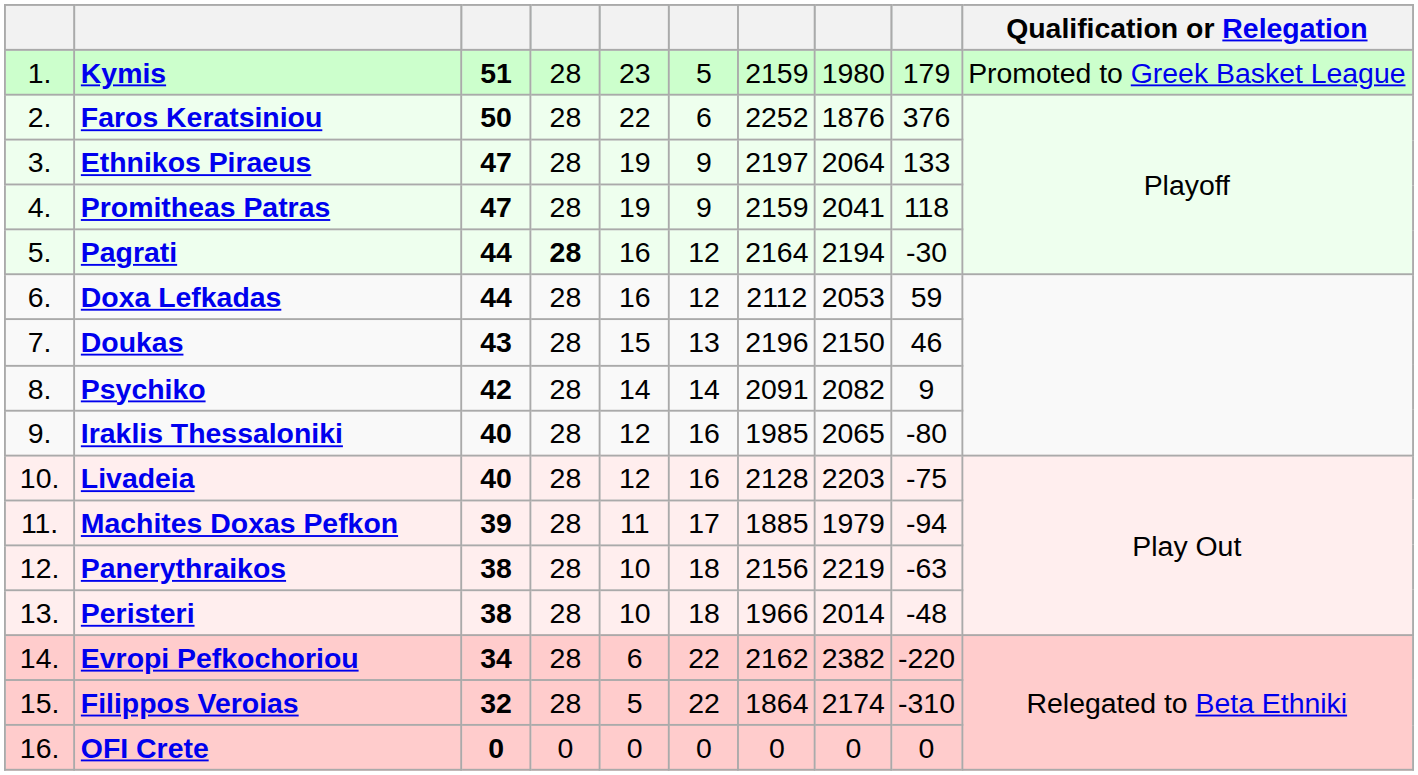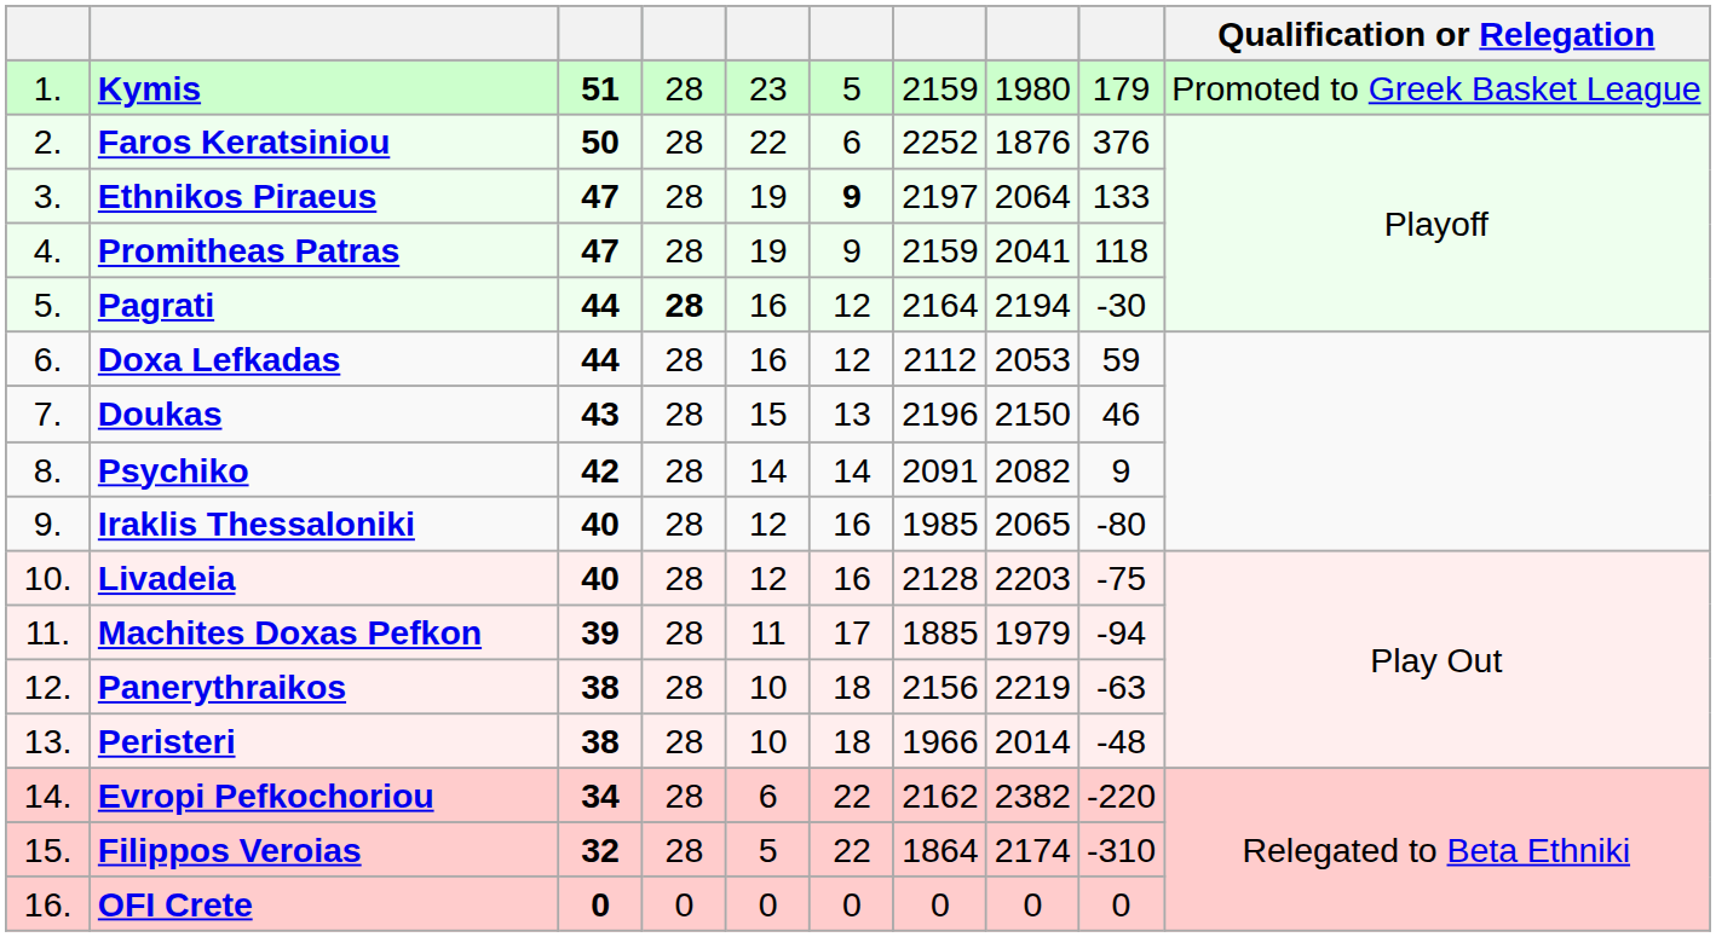 <table class="wikitable" style="text-align: center; font-size:95%">
 <tr bgcolor=2f4f4f>
 <th width=30></th>
 <th width=200></th>
 <th width=30></th>
 <th width=30></th>
 <th width=30></th>
 <th width=30></th>
 <th width=30></th>
 <th width=30></th>
 <th width=30></th>
 <th>Qualification or <a href='#'>Relegation</a></th>
 </tr>
 <tr style="background:#cfc;">
 <td>1.</td>
 <td align="left"><strong><a href='#'>Kymis</a></strong></td>
 <td><strong>51</strong></td>
 <td>28</td>
 <td>23</td>
 <td>5</td>
 <td>2159</td>
 <td>1980</td>
 <td>179</td>
 <td>Promoted to <a href='#'>Greek Basket League</a></td>
 </tr>
 <tr style="background: #eeFFee;">
 <td>2.</td>
 <td align="left"><strong><a href='#'>Faros Keratsiniou</a></strong></td>
 <td><strong>50</strong></td>
 <td>28</td>
 <td>22</td>
 <td>6</td>
 <td>2252</td>
 <td>1876</td>
 <td>376</td>
 <td rowspan="4">Playoff</td>
 </tr>
 <tr style="background: #eeFFee;">
 <td>3.</td>
 <td align="left"><strong><a href='#'>Ethnikos Piraeus</a></strong></td>
 <td><strong>47</strong></td>
 <td>28</td>
 <td>19</td>
-<td>9</td>
+<td><strong>9</strong></td>
 <td>2197</td>
 <td>2064</td>
 <td>133</td>
 </tr>
 <tr style="background: #eeFFee;">
 <td>4.</td>
 <td align="left"><strong><a href='#'>Promitheas Patras</a></strong></td>
 <td><strong>47</strong></td>
 <td>28</td>
 <td>19</td>
 <td>9</td>
 <td>2159</td>
 <td>2041</td>
 <td>118</td>
 </tr>
 <tr style="background: #eeFFee;">
 <td>5.</td>
 <td align="left"><strong> <a href='#'>Pagrati</a></strong></td>
 <td><strong>44</strong></td>
 <td><strong>28</strong></td>
 <td>16</td>
 <td>12</td>
 <td>2164</td>
 <td>2194</td>
 <td>-30</td>
 </tr>
 <tr>
 <td>6.</td>
 <td align="left"><strong><a href='#'>Doxa Lefkadas</a></strong></td>
 <td><strong>44</strong></td>
 <td>28</td>
 <td>16</td>
 <td>12</td>
 <td>2112</td>
 <td>2053</td>
 <td>59</td>
 <td rowspan="4"></td>
 </tr>
 <tr>
 <td>7.</td>
 <td align="left"><strong><a href='#'>Doukas</a></strong></td>
 <td><strong>43</strong></td>
 <td>28</td>
 <td>15</td>
 <td>13</td>
 <td>2196</td>
 <td>2150</td>
 <td>46</td>
 </tr>
 <tr>
 <td>8.</td>
 <td align="left"><strong><a href='#'>Psychiko</a></strong></td>
 <td><strong>42</strong></td>
 <td>28</td>
 <td>14</td>
 <td>14</td>
 <td>2091</td>
 <td>2082</td>
 <td>9</td>
 </tr>
 <tr>
 <td>9.</td>
 <td align="left"><strong><a href='#'>Iraklis Thessaloniki</a></strong></td>
 <td><strong>40</strong></td>
 <td>28</td>
 <td>12</td>
 <td>16</td>
 <td>1985</td>
 <td>2065</td>
 <td>-80</td>
 </tr>
 <tr style="background:#fee;">
 <td>10.</td>
 <td align="left"><strong><a href='#'>Livadeia</a></strong></td>
 <td><strong>40</strong></td>
 <td>28</td>
 <td>12</td>
 <td>16</td>
 <td>2128</td>
 <td>2203</td>
 <td>-75</td>
 <td rowspan="4">Play Out</td>
 </tr>
 <tr style="background:#fee;">
 <td>11.</td>
 <td align="left"><strong><a href='#'>Machites Doxas Pefkon</a></strong></td>
 <td><strong>39</strong></td>
 <td>28</td>
 <td>11</td>
 <td>17</td>
 <td>1885</td>
 <td>1979</td>
 <td>-94</td>
 </tr>
 <tr style="background:#fee;">
 <td>12.</td>
 <td align="left"><strong><a href='#'>Panerythraikos</a></strong></td>
 <td><strong>38</strong></td>
 <td>28</td>
 <td>10</td>
 <td>18</td>
 <td>2156</td>
 <td>2219</td>
 <td>-63</td>
 </tr>
 <tr style="background:#fee;">
 <td>13.</td>
 <td align="left"><strong><a href='#'>Peristeri</a></strong></td>
 <td><strong>38</strong></td>
 <td>28</td>
 <td>10</td>
 <td>18</td>
 <td>1966</td>
 <td>2014</td>
 <td>-48</td>
 </tr>
 <tr style="background:#fcc;">
 <td>14.</td>
 <td align="left"><strong><a href='#'>Evropi Pefkochoriou</a></strong></td>
 <td><strong>34</strong></td>
 <td>28</td>
 <td>6</td>
 <td>22</td>
 <td>2162</td>
 <td>2382</td>
 <td>-220</td>
 <td rowspan="3">Relegated to <a href='#'>Beta Ethniki</a></td>
 </tr>
 <tr style="background:#fcc;">
 <td>15.</td>
 <td align="left"><strong><a href='#'>Filippos Veroias</a></strong></td>
 <td><strong>32</strong></td>
 <td>28</td>
 <td>5</td>
 <td>22</td>
 <td>1864</td>
 <td>2174</td>
 <td>-310</td>
 </tr>
 <tr style="background:#fcc;">
 <td>16.</td>
 <td align="left"><strong><a href='#'>OFI Crete</a></strong></td>
 <td><strong>0</strong></td>
 <td>0</td>
 <td>0</td>
 <td>0</td>
 <td>0</td>
 <td>0</td>
 <td>0</td>
 </tr>
 </table>
